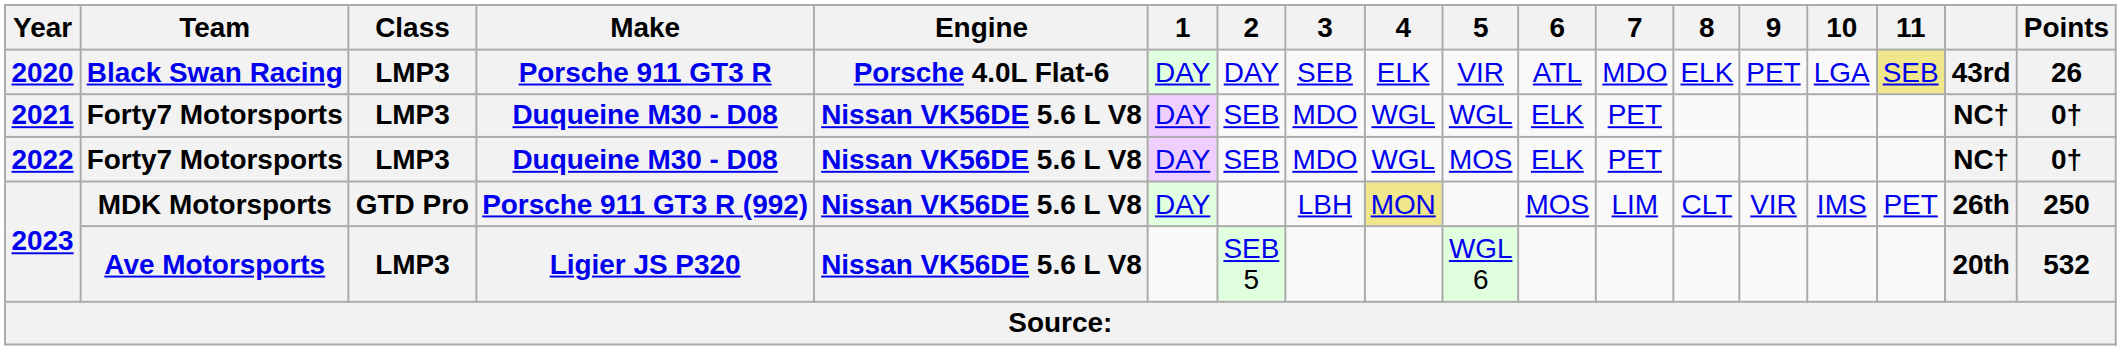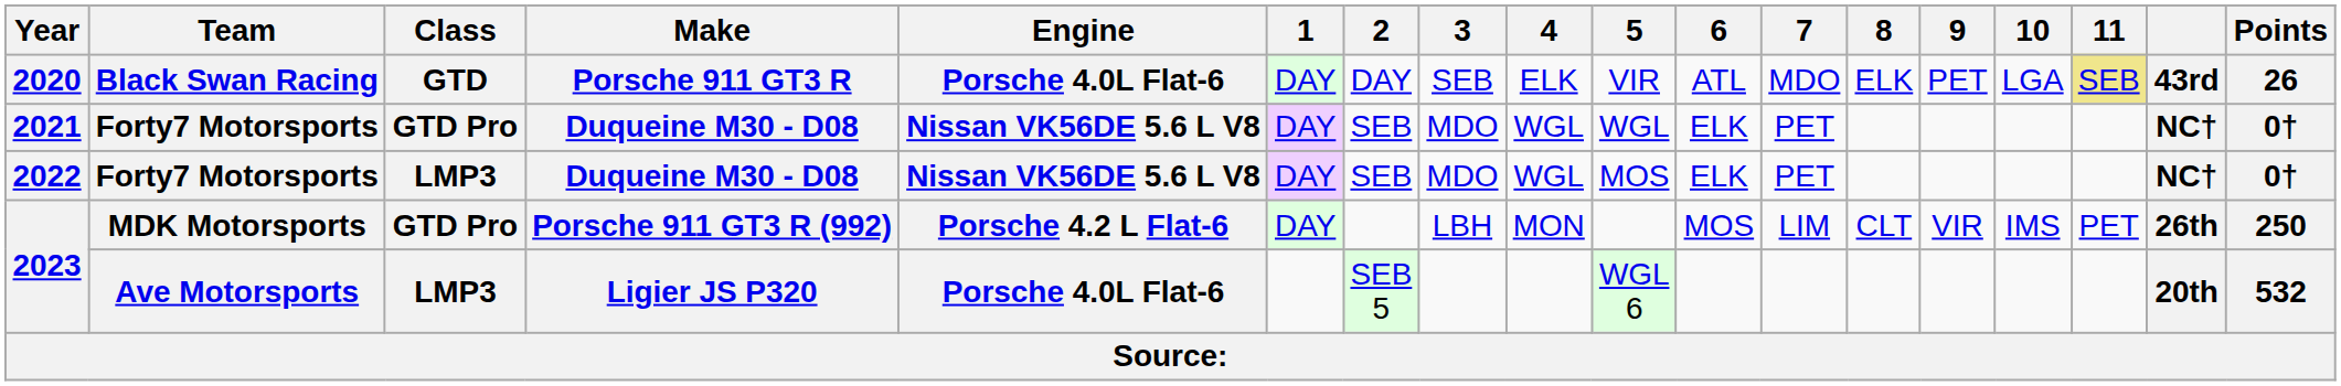 <table class="wikitable" style="text-align:center; font-size:90%">
 <tr>
 <th>Year</th>
 <th>Team</th>
 <th>Class</th>
 <th>Make</th>
 <th>Engine</th>
 <th>1</th>
 <th>2</th>
 <th>3</th>
 <th>4</th>
 <th>5</th>
 <th>6</th>
 <th>7</th>
 <th>8</th>
 <th>9</th>
 <th>10</th>
 <th>11</th>
 <th></th>
 <th>Points</th>
 </tr>
 <tr>
 <th><a href='#'>2020</a></th>
 <th><a href='#'>Black Swan Racing</a></th>
-<th>LMP3</th>
+<th>GTD</th>
 <th><a href='#'>Porsche 911 GT3 R</a></th>
 <th><a href='#'>Porsche</a> 4.0L Flat-6</th>
 <td style="background:#DFFFDF;"><a href='#'>DAY</a><br></td>
 <td><a href='#'>DAY</a></td>
 <td><a href='#'>SEB</a></td>
 <td><a href='#'>ELK</a></td>
 <td><a href='#'>VIR</a></td>
 <td><a href='#'>ATL</a></td>
 <td><a href='#'>MDO</a></td>
 <td><a href='#'>ELK</a></td>
 <td><a href='#'>PET</a></td>
 <td><a href='#'>LGA</a></td>
 <td style="background: khaki;"><a href='#'>SEB</a></td>
 <th>43rd</th>
 <th>26</th>
 </tr>
 <tr>
 <th><a href='#'>2021</a></th>
 <th>Forty7 Motorsports</th>
-<th>LMP3</th>
+<th>GTD Pro</th>
 <th><a href='#'>Duqueine M30 - D08</a></th>
 <th><a href='#'>Nissan VK56DE</a> 5.6 L V8</th>
 <td style="background:#EFCFFF;"><a href='#'>DAY</a><br></td>
 <td><a href='#'>SEB</a></td>
 <td><a href='#'>MDO</a></td>
 <td><a href='#'>WGL</a></td>
 <td><a href='#'>WGL</a></td>
 <td style="background:#;”"><a href='#'>ELK</a></td>
 <td style="background:#;”"><a href='#'>PET</a></td>
 <td></td>
 <td></td>
 <td></td>
 <td></td>
 <th>NC†</th>
 <th>0†</th>
 </tr>
 <tr>
 <th><a href='#'>2022</a></th>
 <th>Forty7 Motorsports</th>
 <th>LMP3</th>
 <th><a href='#'>Duqueine M30 - D08</a></th>
 <th><a href='#'>Nissan VK56DE</a> 5.6 L V8</th>
 <td style="background:#EFCFFF;"><a href='#'>DAY</a><br></td>
 <td><a href='#'>SEB</a></td>
 <td><a href='#'>MDO</a></td>
 <td><a href='#'>WGL</a></td>
 <td><a href='#'>MOS</a></td>
 <td><a href='#'>ELK</a></td>
 <td><a href='#'>PET</a></td>
 <td></td>
 <td></td>
 <td></td>
 <td></td>
 <th>NC†</th>
 <th>0†</th>
 </tr>
 <tr>
 <th rowspan="2"><a href='#'>2023</a></th>
 <th>MDK Motorsports</th>
 <th>GTD Pro</th>
 <th><a href='#'>Porsche 911 GT3 R (992)</a></th>
-<th><a href='#'>Nissan VK56DE</a> 5.6 L V8</th>
+<th><a href='#'>Porsche</a> 4.2 L <a href='#'>Flat-6</a></th>
 <td style="background:#DFFFDF;"><a href='#'>DAY</a><br></td>
 <td></td>
 <td><a href='#'>LBH</a></td>
-<td style="background: khaki;"><a href='#'>MON</a></td>
+<td><a href='#'>MON</a></td>
 <td></td>
 <td><a href='#'>MOS</a></td>
 <td><a href='#'>LIM</a></td>
 <td><a href='#'>CLT</a></td>
 <td><a href='#'>VIR</a></td>
 <td><a href='#'>IMS</a></td>
 <td><a href='#'>PET</a></td>
 <th>26th</th>
 <th>250</th>
 </tr>
 <tr>
 <th><a href='#'>Ave Motorsports</a></th>
 <th>LMP3</th>
 <th><a href='#'>Ligier JS P320</a></th>
-<th><a href='#'>Nissan VK56DE</a> 5.6 L V8</th>
+<th><a href='#'>Porsche</a> 4.0L Flat-6</th>
 <td></td>
 <td style="background:#DFFFDF;"><a href='#'>SEB</a><br>5</td>
 <td></td>
 <td></td>
 <td style="background:#DFFFDF;"><a href='#'>WGL</a><br>6</td>
 <td></td>
 <td></td>
 <td></td>
 <td></td>
 <td></td>
 <td></td>
 <th>20th</th>
 <th>532</th>
 </tr>
 <tr>
 <th colspan="18">Source:</th>
 </tr>
 </table>
